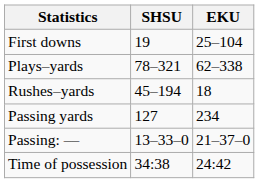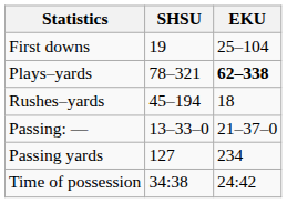 <table class="wikitable" style="float:left">
 <tr>
 <th>Statistics</th>
 <th>SHSU</th>
 <th>EKU</th>
 </tr>
 <tr>
 <td>First downs</td>
 <td>19</td>
 <td>25–104</td>
 </tr>
 <tr>
 <td>Plays–yards</td>
 <td>78–321</td>
-<td>62–338</td>
+<td><strong>62–338</strong></td>
 </tr>
 <tr>
 <td>Rushes–yards</td>
 <td>45–194</td>
 <td>18</td>
 </tr>
 <tr>
+<td>Passing: ––</td>
+<td>13–33–0</td>
+<td>21–37–0</td>
+</tr>
+<tr>
 <td>Passing yards</td>
 <td>127</td>
 <td>234</td>
-</tr>
-<tr>
-<td>Passing: ––</td>
-<td>13–33–0</td>
-<td>21–37–0</td>
 </tr>
 <tr>
 <td>Time of possession</td>
 <td>34:38</td>
 <td>24:42</td>
 </tr>
 </table>
